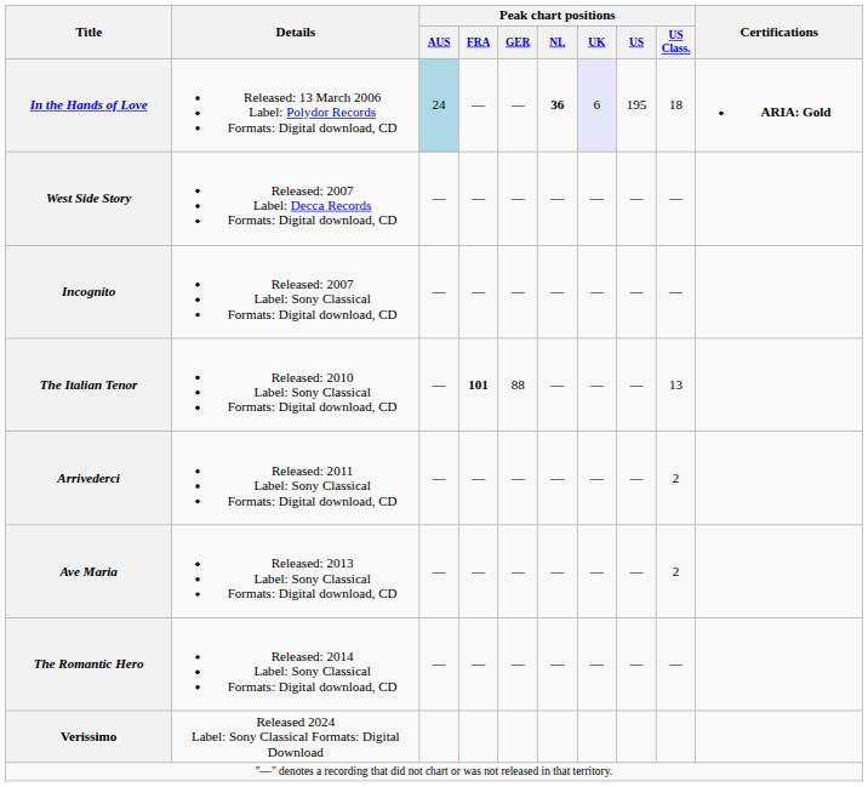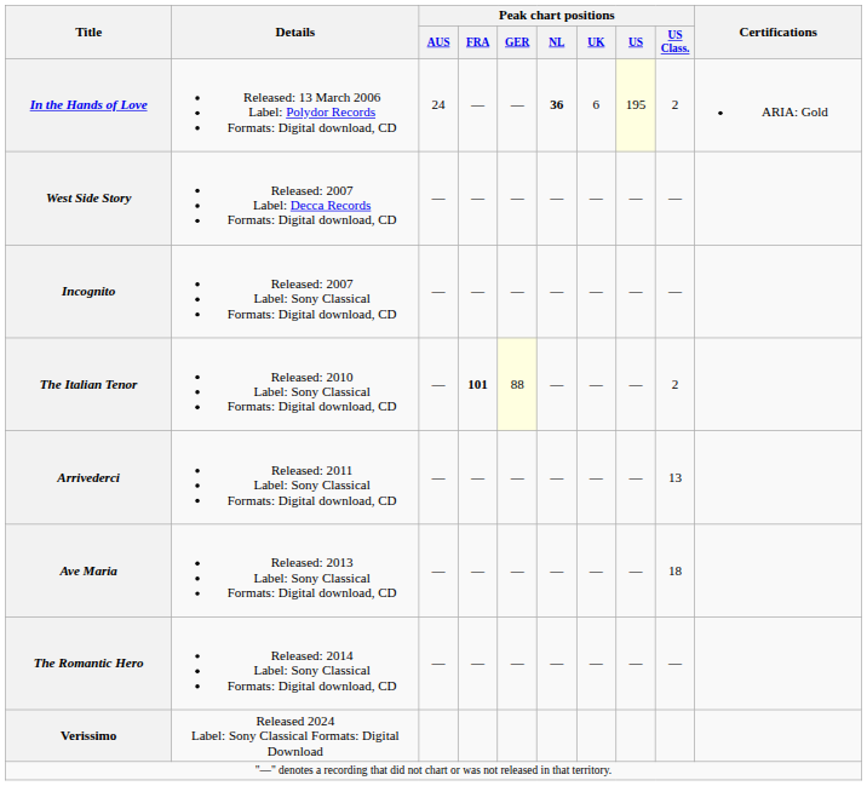 <table class="wikitable plainrowheaders" style="text-align:center;">
 <tr>
 <th scope="col" rowspan="2" style="width:12em;">Title</th>
 <th scope="col" rowspan="2" style="width:18em;">Details</th>
 <th scope="col" colspan="7">Peak chart positions</th>
 <th scope="col" rowspan="2" style="width:12em;">Certifications</th>
 </tr>
 <tr>
 <th scope="col" style="width:3em;font-size:85%;"><a href='#'>AUS</a><br></th>
 <th scope="col" style="width:3em;font-size:85%;"><a href='#'>FRA</a><br></th>
 <th scope="col" style="width:3em;font-size:85%;"><a href='#'>GER</a><br></th>
 <th scope="col" style="width:3em;font-size:85%;"><a href='#'>NL</a><br></th>
 <th scope="col" style="width:3em;font-size:85%;"><a href='#'>UK</a><br></th>
 <th scope="col" style="width:3em;font-size:85%;"><a href='#'>US</a><br></th>
 <th scope="col" style="width:3em;font-size:85%;"><a href='#'>US<br>Class.</a><br></th>
 </tr>
 <tr>
 <th scope="row"><em><a href='#'>In the Hands of Love</a></em></th>
 <td><br><ul><li>Released: 13 March 2006</li><li>Label: <a href='#'>Polydor Records</a></li><li>Formats: Digital download, CD</li></ul></td>
-<td style="background: lightblue;">24</td>
+<td>24</td>
 <td>—</td>
 <td>—</td>
 <td><strong>36</strong></td>
-<td style="background: lavender;">6</td>
-<td>195</td>
-<td>18</td>
-<td><strong><br><ul><li>ARIA: Gold</li></ul></strong></td>
+<td>6</td>
+<td style="background: lightyellow;">195</td>
+<td>2</td>
+<td><br><ul><li>ARIA: Gold</li></ul></td>
 </tr>
 <tr>
 <th scope="row"><em>West Side Story</em></th>
 <td><br><ul><li>Released: 2007</li><li>Label: <a href='#'>Decca Records</a></li><li>Formats: Digital download, CD</li></ul></td>
 <td>—</td>
 <td>—</td>
 <td>—</td>
 <td>—</td>
 <td>—</td>
 <td>—</td>
 <td>—</td>
 <td></td>
 </tr>
 <tr>
 <th scope="row"><em>Incognito</em></th>
 <td><br><ul><li>Released: 2007</li><li>Label: Sony Classical</li><li>Formats: Digital download, CD</li></ul></td>
 <td>—</td>
 <td>—</td>
 <td>—</td>
 <td>—</td>
 <td>—</td>
 <td>—</td>
 <td>—</td>
 <td></td>
 </tr>
 <tr>
 <th scope="row"><em>The Italian Tenor</em></th>
 <td><br><ul><li>Released: 2010</li><li>Label: Sony Classical</li><li>Formats: Digital download, CD</li></ul></td>
 <td>—</td>
 <td><strong>101</strong></td>
-<td>88</td>
+<td style="background: lightyellow;">88</td>
 <td>—</td>
 <td>—</td>
 <td>—</td>
-<td>13</td>
+<td>2</td>
 <td></td>
 </tr>
 <tr>
 <th scope="row"><em>Arrivederci</em></th>
 <td><br><ul><li>Released: 2011</li><li>Label: Sony Classical</li><li>Formats: Digital download, CD</li></ul></td>
 <td>—</td>
 <td>—</td>
 <td>—</td>
 <td>—</td>
 <td>—</td>
 <td>—</td>
-<td>2</td>
+<td>13</td>
 <td></td>
 </tr>
 <tr>
 <th scope="row"><em>Ave Maria</em></th>
 <td><br><ul><li>Released: 2013</li><li>Label: Sony Classical</li><li>Formats: Digital download, CD</li></ul></td>
 <td>—</td>
 <td>—</td>
 <td>—</td>
 <td>—</td>
 <td>—</td>
 <td>—</td>
-<td>2</td>
+<td>18</td>
 <td></td>
 </tr>
 <tr>
 <th scope="row"><em>The Romantic Hero</em></th>
 <td><br><ul><li>Released: 2014</li><li>Label: Sony Classical</li><li>Formats: Digital download, CD</li></ul></td>
 <td>—</td>
 <td>—</td>
 <td>—</td>
 <td>—</td>
 <td>—</td>
 <td>—</td>
 <td>—</td>
 <td></td>
 </tr>
 <tr>
 <th>Verissimo</th>
 <td>Released 2024<br>Label: Sony Classical Formats: Digital Download</td>
 <td></td>
 <td></td>
 <td></td>
 <td></td>
 <td></td>
 <td></td>
 <td></td>
 <td></td>
 </tr>
 <tr>
 <td colspan="15" style="font-size:85%">"—" denotes a recording that did not chart or was not released in that territory.</td>
 </tr>
 </table>
